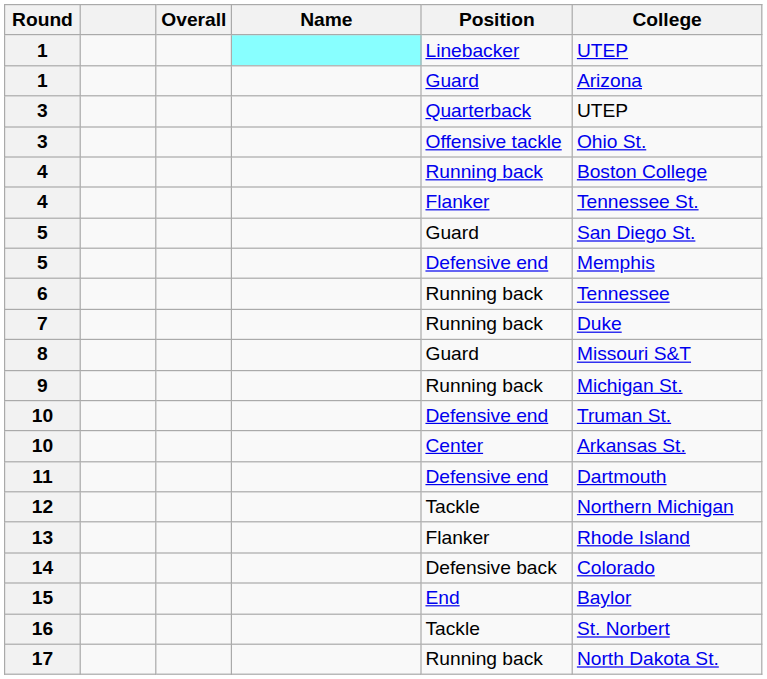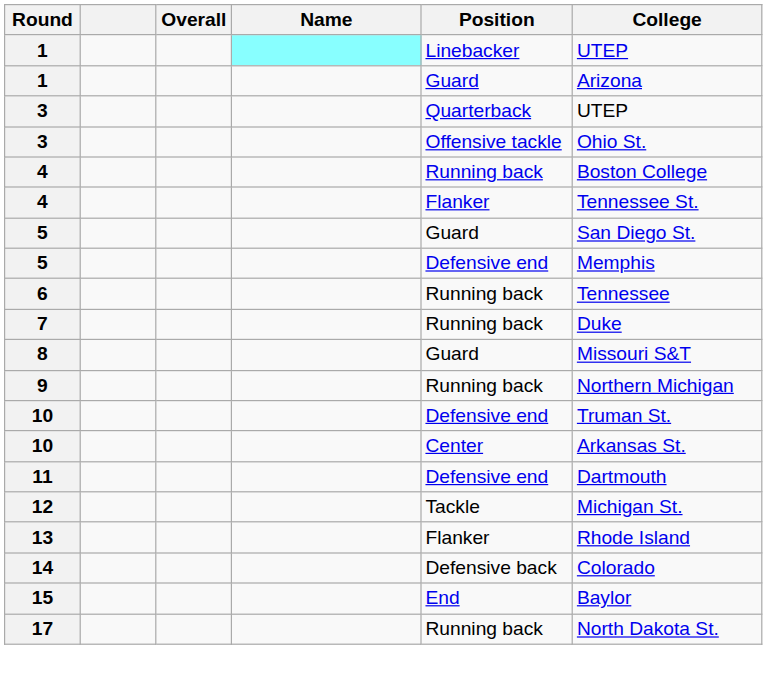 <table class="wikitable sortable" style="width: 50%;">
 <tr>
 <th scope="col" style="width: 10%;">Round</th>
 <th scope="col" style="width: 10%;"></th>
 <th scope="col" style="width: 10%;">Overall</th>
 <th scope="col" style="width: 25%;">Name</th>
 <th scope="col" style="width: 20%;">Position</th>
 <th scope="col" style="width: 25%;">College</th>
 </tr>
 <tr>
 <th scope="row">1</th>
 <td></td>
 <td></td>
 <td style="background:#88FFFF;"> <sup></sup></td>
 <td><a href='#'>Linebacker</a></td>
 <td><a href='#'>UTEP</a></td>
 </tr>
 <tr>
 <th scope="row">1</th>
 <td></td>
 <td></td>
 <td></td>
 <td><a href='#'>Guard</a></td>
 <td><a href='#'>Arizona</a></td>
 </tr>
 <tr>
 <th scope="row">3</th>
 <td></td>
 <td></td>
 <td></td>
 <td><a href='#'>Quarterback</a></td>
 <td>UTEP</td>
 </tr>
 <tr>
 <th scope="row">3</th>
 <td></td>
 <td></td>
 <td></td>
 <td><a href='#'>Offensive tackle</a></td>
 <td><a href='#'>Ohio St.</a></td>
 </tr>
 <tr>
 <th scope="row">4</th>
 <td></td>
 <td></td>
 <td></td>
 <td><a href='#'>Running back</a></td>
 <td><a href='#'>Boston College</a></td>
 </tr>
 <tr>
 <th scope="row">4</th>
 <td></td>
 <td></td>
 <td></td>
 <td><a href='#'>Flanker</a></td>
 <td><a href='#'>Tennessee St.</a></td>
 </tr>
 <tr>
 <th scope="row">5</th>
 <td></td>
 <td></td>
 <td></td>
 <td>Guard</td>
 <td><a href='#'>San Diego St.</a></td>
 </tr>
 <tr>
 <th scope="row">5</th>
 <td></td>
 <td></td>
 <td></td>
 <td><a href='#'>Defensive end</a></td>
 <td><a href='#'>Memphis</a></td>
 </tr>
 <tr>
 <th scope="row">6</th>
 <td></td>
 <td></td>
 <td></td>
 <td>Running back</td>
 <td><a href='#'>Tennessee</a></td>
 </tr>
 <tr>
 <th scope="row">7</th>
 <td></td>
 <td></td>
 <td></td>
 <td>Running back</td>
 <td><a href='#'>Duke</a></td>
 </tr>
 <tr>
 <th scope="row">8</th>
 <td></td>
 <td></td>
 <td></td>
 <td>Guard</td>
 <td><a href='#'>Missouri S&T</a></td>
 </tr>
 <tr>
 <th scope="row">9</th>
 <td></td>
 <td></td>
 <td></td>
 <td>Running back</td>
-<td><a href='#'>Michigan St.</a></td>
+<td><a href='#'>Northern Michigan</a></td>
 </tr>
 <tr>
 <th scope="row">10</th>
 <td></td>
 <td></td>
 <td></td>
 <td><a href='#'>Defensive end</a></td>
 <td><a href='#'>Truman St.</a></td>
 </tr>
 <tr>
 <th scope="row">10</th>
 <td></td>
 <td></td>
 <td></td>
 <td><a href='#'>Center</a></td>
 <td><a href='#'>Arkansas St.</a></td>
 </tr>
 <tr>
 <th scope="row">11</th>
 <td></td>
 <td></td>
 <td></td>
 <td><a href='#'>Defensive end</a></td>
 <td><a href='#'>Dartmouth</a></td>
 </tr>
 <tr>
 <th scope="row">12</th>
 <td></td>
 <td></td>
 <td></td>
 <td>Tackle</td>
-<td><a href='#'>Northern Michigan</a></td>
+<td><a href='#'>Michigan St.</a></td>
 </tr>
 <tr>
 <th scope="row">13</th>
 <td></td>
 <td></td>
 <td></td>
 <td>Flanker</td>
 <td><a href='#'>Rhode Island</a></td>
 </tr>
 <tr>
 <th scope="row">14</th>
 <td></td>
 <td></td>
 <td></td>
 <td>Defensive back</td>
 <td><a href='#'>Colorado</a></td>
 </tr>
 <tr>
 <th scope="row">15</th>
 <td></td>
 <td></td>
 <td></td>
 <td><a href='#'>End</a></td>
 <td><a href='#'>Baylor</a></td>
 </tr>
 <tr>
-<th scope="row">16</th>
-<td></td>
-<td></td>
-<td></td>
-<td>Tackle</td>
-<td><a href='#'>St. Norbert</a></td>
-</tr>
-<tr>
 <th scope="row">17</th>
 <td></td>
 <td></td>
 <td></td>
 <td>Running back</td>
 <td><a href='#'>North Dakota St.</a></td>
 </tr>
 </table>
